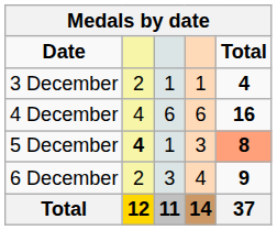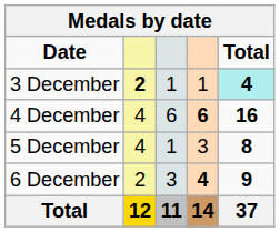 <table class="wikitable" style="font-size:85%">
 <tr bgcolor="#efefef">
 <th colspan=6>Medals by date</th>
 </tr>
 <tr align=center>
 <td><strong>Date</strong></td>
 <td bgcolor=#f7f6a8></td>
 <td bgcolor=#dce5e5></td>
 <td bgcolor=#ffdab9></td>
 <td><strong>Total</strong></td>
 </tr>
 <tr align=center>
 <td>3 December</td>
-<td style="background:#F7F6A8;">2</td>
+<td style="background:#F7F6A8;"><strong>2</strong></td>
 <td style="background:#DCE5E5;">1</td>
 <td style="background:#FFDAB9;">1</td>
-<td><strong>4</strong></td>
+<td style="background: paleturquoise;"><strong>4</strong></td>
 </tr>
 <tr align=center>
 <td>4 December</td>
 <td style="background:#F7F6A8;">4</td>
 <td style="background:#DCE5E5;">6</td>
-<td style="background:#FFDAB9;">6</td>
+<td style="background:#FFDAB9;"><strong>6</strong></td>
 <td><strong>16</strong></td>
 </tr>
 <tr align=center>
 <td>5 December</td>
-<td style="background:#F7F6A8;"><strong>4</strong></td>
+<td style="background:#F7F6A8;">4</td>
 <td style="background:#DCE5E5;">1</td>
 <td style="background:#FFDAB9;">3</td>
-<td style="background: lightsalmon;"><strong>8</strong></td>
+<td><strong>8</strong></td>
 </tr>
 <tr align=center>
 <td>6 December</td>
 <td style="background:#F7F6A8;">2</td>
 <td style="background:#DCE5E5;">3</td>
-<td style="background:#FFDAB9;">4</td>
+<td style="background:#FFDAB9;"><strong>4</strong></td>
 <td><strong>9</strong></td>
 </tr>
 <tr align=center>
 <th><strong>Total</strong></th>
 <th style="background:gold;"><strong>12</strong></th>
 <th style="background:silver;"><strong>11</strong></th>
 <th style="background:#c96;"><strong>14</strong></th>
 <th>37</th>
 </tr>
 </table>
